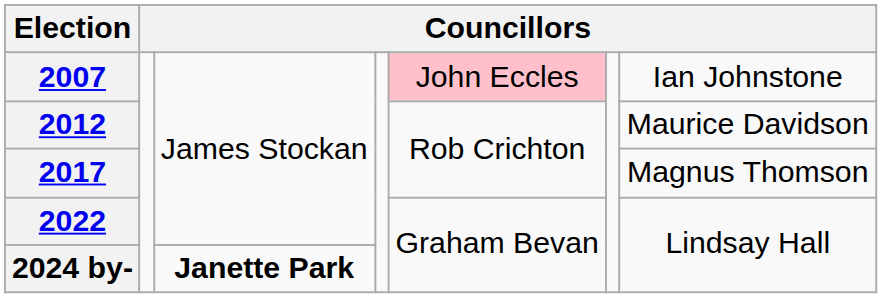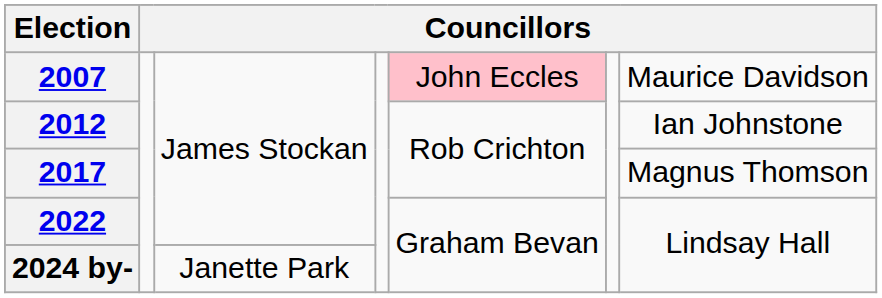 <table class="wikitable" style="text-align:center">
 <tr>
 <th>Election</th>
 <th colspan=8>Councillors</th>
 </tr>
 <tr>
 <th><a href='#'>2007</a></th>
 <td rowspan=5; style="background-color: "></td>
 <td rowspan=4>James Stockan</td>
 <td rowspan=5; style="background-color: "></td>
 <td rowspan=1 style="background: pink;">John Eccles</td>
 <td rowspan=5; style="background-color: "></td>
-<td rowspan=1>Ian Johnstone</td>
+<td rowspan=1>Maurice Davidson</td>
 </tr>
 <tr>
 <th><a href='#'>2012</a></th>
 <td rowspan=2>Rob Crichton</td>
-<td rowspan=1>Maurice Davidson</td>
+<td rowspan=1>Ian Johnstone</td>
 </tr>
 <tr>
 <th><a href='#'>2017</a></th>
 <td rowspan=1>Magnus Thomson</td>
 </tr>
 <tr>
 <th><a href='#'>2022</a></th>
 <td rowspan=2>Graham Bevan</td>
 <td rowspan=2>Lindsay Hall</td>
 </tr>
 <tr>
 <th>2024 by-</th>
-<td><strong>Janette Park</strong></td>
+<td>Janette Park</td>
 </tr>
 </table>
